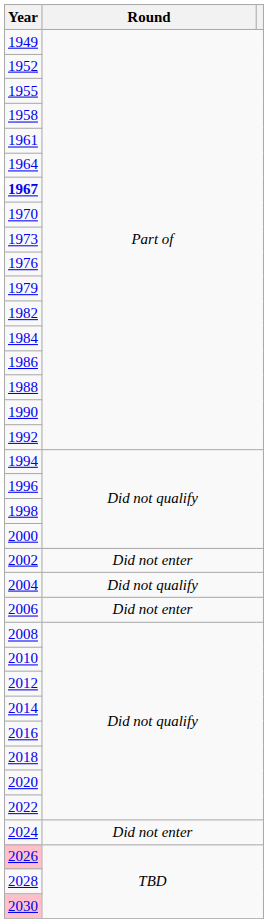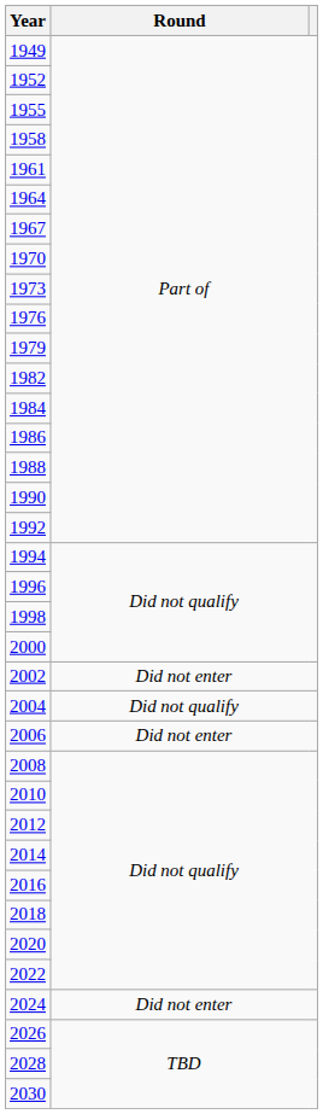 <table class="wikitable" style="text-align: center; font-size:90%">
 <tr>
 <th>Year</th>
 <th style="width:200px">Round</th>
 <th></th>
 </tr>
 <tr>
 <td><a href='#'>1949</a></td>
 <td colspan="2" rowspan="17"><em>Part of </em></td>
 </tr>
 <tr>
 <td><a href='#'>1952</a></td>
 </tr>
 <tr>
 <td><a href='#'>1955</a></td>
 </tr>
 <tr>
 <td><a href='#'>1958</a></td>
 </tr>
 <tr>
 <td><a href='#'>1961</a></td>
 </tr>
 <tr>
 <td><a href='#'>1964</a></td>
 </tr>
 <tr>
-<td><strong><a href='#'>1967</a></strong></td>
+<td><a href='#'>1967</a></td>
 </tr>
 <tr>
 <td><a href='#'>1970</a></td>
 </tr>
 <tr>
 <td><a href='#'>1973</a></td>
 </tr>
 <tr>
 <td><a href='#'>1976</a></td>
 </tr>
 <tr>
 <td><a href='#'>1979</a></td>
 </tr>
 <tr>
 <td><a href='#'>1982</a></td>
 </tr>
 <tr>
 <td><a href='#'>1984</a></td>
 </tr>
 <tr>
 <td><a href='#'>1986</a></td>
 </tr>
 <tr>
 <td><a href='#'>1988</a></td>
 </tr>
 <tr>
 <td><a href='#'>1990</a></td>
 </tr>
 <tr>
 <td><a href='#'>1992</a></td>
 </tr>
 <tr>
 <td><a href='#'>1994</a></td>
 <td colspan="2" rowspan="4"><em>Did not qualify</em></td>
 </tr>
 <tr>
 <td><a href='#'>1996</a></td>
 </tr>
 <tr>
 <td><a href='#'>1998</a></td>
 </tr>
 <tr>
 <td><a href='#'>2000</a></td>
 </tr>
 <tr>
 <td><a href='#'>2002</a></td>
 <td colspan="2"><em>Did not enter</em></td>
 </tr>
 <tr>
 <td><a href='#'>2004</a></td>
 <td colspan="2"><em>Did not qualify</em></td>
 </tr>
 <tr>
 <td><a href='#'>2006</a></td>
 <td colspan="2"><em>Did not enter</em></td>
 </tr>
 <tr>
 <td><a href='#'>2008</a></td>
 <td colspan="2" rowspan="8"><em>Did not qualify</em></td>
 </tr>
 <tr>
 <td><a href='#'>2010</a></td>
 </tr>
 <tr>
 <td><a href='#'>2012</a></td>
 </tr>
 <tr>
 <td><a href='#'>2014</a></td>
 </tr>
 <tr>
 <td><a href='#'>2016</a></td>
 </tr>
 <tr>
 <td><a href='#'>2018</a></td>
 </tr>
 <tr>
 <td><a href='#'>2020</a></td>
 </tr>
 <tr>
 <td><a href='#'>2022</a></td>
 </tr>
 <tr>
 <td><a href='#'>2024</a></td>
 <td colspan="2"><em>Did not enter</em></td>
 </tr>
 <tr>
-<td style="background: pink;"><a href='#'>2026</a></td>
+<td><a href='#'>2026</a></td>
 <td colspan="2" rowspan="3"><em>TBD</em></td>
 </tr>
 <tr>
 <td><a href='#'>2028</a></td>
 </tr>
 <tr>
-<td style="background: pink;"><a href='#'>2030</a></td>
+<td><a href='#'>2030</a></td>
 </tr>
 </table>
